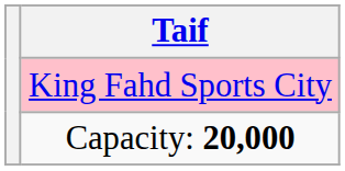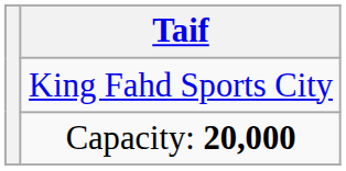 <table class="wikitable" style="text-align:center">
 <tr>
 <th rowspan="4"></th>
 <th><a href='#'>Taif</a></th>
 </tr>
 <tr>
-<td style="background: pink;"><a href='#'>King Fahd Sports City</a></td>
+<td><a href='#'>King Fahd Sports City</a></td>
 </tr>
 <tr>
 <td>Capacity: <strong>20,000</strong></td>
 </tr>
 </table>
